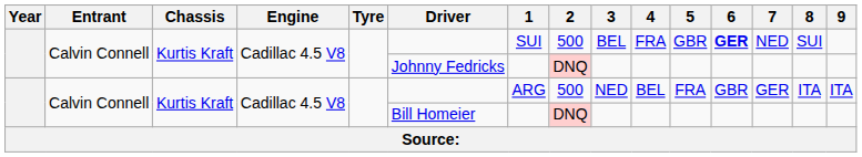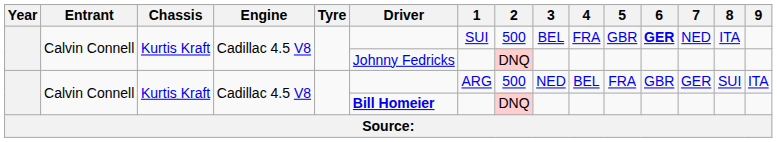 <table class="wikitable" style="text-align:center; font-size:85%">
 <tr>
 <th>Year</th>
 <th>Entrant</th>
 <th>Chassis</th>
 <th>Engine</th>
 <th>Tyre</th>
 <th>Driver</th>
 <th>1</th>
 <th>2</th>
 <th>3</th>
 <th>4</th>
 <th>5</th>
 <th>6</th>
 <th>7</th>
 <th>8</th>
 <th>9</th>
 </tr>
 <tr>
 <th rowspan=2></th>
 <td rowspan=2>Calvin Connell</td>
 <td rowspan=2><a href='#'>Kurtis Kraft</a></td>
 <td rowspan=2>Cadillac 4.5 <a href='#'>V8</a></td>
 <td rowspan=2></td>
 <td></td>
 <td><a href='#'>SUI</a></td>
 <td><a href='#'>500</a></td>
 <td><a href='#'>BEL</a></td>
 <td><a href='#'>FRA</a></td>
 <td><a href='#'>GBR</a></td>
 <td><strong><a href='#'>GER</a></strong></td>
 <td><a href='#'>NED</a></td>
-<td><a href='#'>SUI</a></td>
+<td><a href='#'>ITA</a></td>
 <td></td>
 </tr>
 <tr>
 <td align="left"> <a href='#'>Johnny Fedricks</a></td>
 <td></td>
 <td style="background-color:#FFCFCF">DNQ</td>
 <td></td>
 <td></td>
 <td></td>
 <td></td>
 <td></td>
 <td></td>
 <td></td>
 </tr>
 <tr>
 <th rowspan=2></th>
 <td rowspan=2>Calvin Connell</td>
 <td rowspan=2><a href='#'>Kurtis Kraft</a></td>
 <td rowspan=2>Cadillac 4.5 <a href='#'>V8</a></td>
 <td rowspan=2></td>
 <td></td>
 <td><a href='#'>ARG</a></td>
 <td><a href='#'>500</a></td>
 <td><a href='#'>NED</a></td>
 <td><a href='#'>BEL</a></td>
 <td><a href='#'>FRA</a></td>
 <td><a href='#'>GBR</a></td>
 <td><a href='#'>GER</a></td>
-<td><a href='#'>ITA</a></td>
+<td><a href='#'>SUI</a></td>
 <td><a href='#'>ITA</a></td>
 </tr>
 <tr>
-<td align="left"> <a href='#'>Bill Homeier</a></td>
+<td align="left"><strong> <a href='#'>Bill Homeier</a></strong></td>
 <td></td>
 <td style="background-color:#FFCFCF">DNQ</td>
 <td></td>
 <td></td>
 <td></td>
 <td></td>
 <td></td>
 <td></td>
 <td></td>
 </tr>
 <tr>
 <th colspan="15">Source:</th>
 </tr>
 </table>
